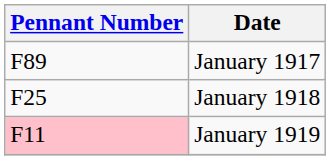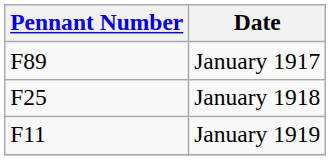 <table class="wikitable" style="text-align:left">
 <tr>
 <th><a href='#'>Pennant Number</a></th>
 <th>Date</th>
 </tr>
 <tr>
 <td>F89</td>
 <td>January 1917</td>
 </tr>
 <tr>
 <td>F25</td>
 <td>January 1918</td>
 </tr>
 <tr>
-<td style="background: pink;">F11</td>
+<td>F11</td>
 <td>January 1919</td>
 </tr>
 <tr>
 </tr>
 </table>
